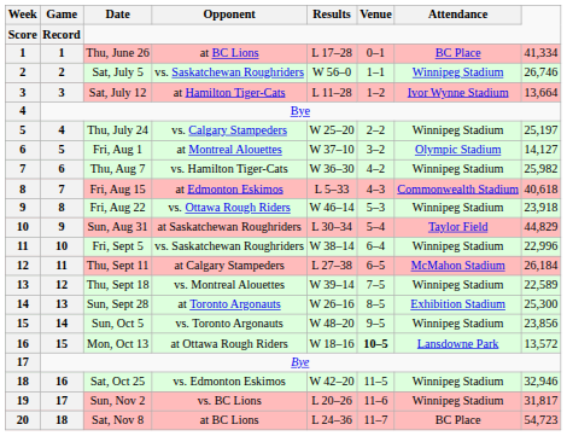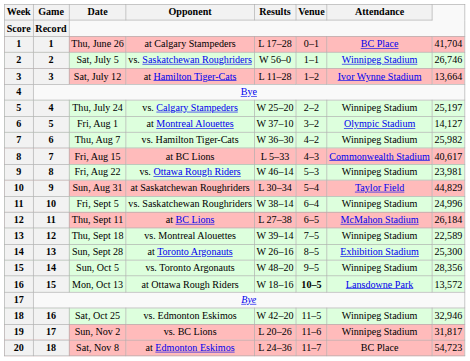 <table class="wikitable" style="text-align:center">
 <tr>
 <th>Week</th>
 <th>Game</th>
 <th>Date</th>
 <th>Opponent</th>
 <th>Results</th>
 <th>Venue</th>
 <th>Attendance</th>
 </tr>
 <tr>
 <th>Score</th>
 <th>Record</th>
 </tr>
 <tr style="background:#ffbbbb">
 <th>1</th>
 <th>1</th>
 <td>Thu, June 26</td>
-<td>at <a href='#'>BC Lions</a></td>
+<td>at Calgary Stampeders</td>
 <td>L 17–28</td>
 <td>0–1</td>
 <td><a href='#'>BC Place</a></td>
-<td>41,334</td>
+<td>41,704</td>
 </tr>
 <tr style="background:#ddffdd">
 <th>2</th>
 <th>2</th>
 <td>Sat, July 5</td>
 <td>vs. <a href='#'>Saskatchewan Roughriders</a></td>
 <td>W 56–0</td>
 <td>1–1</td>
 <td><a href='#'>Winnipeg Stadium</a></td>
 <td>26,746</td>
 </tr>
 <tr style="background:#ffbbbb">
 <th>3</th>
 <th>3</th>
 <td>Sat, July 12</td>
 <td>at <a href='#'>Hamilton Tiger-Cats</a></td>
 <td>L 11–28</td>
 <td>1–2</td>
 <td><a href='#'>Ivor Wynne Stadium</a></td>
 <td>13,664</td>
 </tr>
 <tr>
 <th>4</th>
 <td colspan=7><a href='#'>Bye</a></td>
 </tr>
 <tr style="background:#ddffdd">
 <th>5</th>
 <th>4</th>
 <td>Thu, July 24</td>
 <td>vs. <a href='#'>Calgary Stampeders</a></td>
 <td>W 25–20</td>
 <td>2–2</td>
 <td>Winnipeg Stadium</td>
 <td>25,197</td>
 </tr>
 <tr style="background:#ddffdd">
 <th>6</th>
 <th>5</th>
 <td>Fri, Aug 1</td>
 <td>at <a href='#'>Montreal Alouettes</a></td>
 <td>W 37–10</td>
 <td>3–2</td>
 <td><a href='#'>Olympic Stadium</a></td>
 <td>14,127</td>
 </tr>
 <tr style="background:#ddffdd">
 <th>7</th>
 <th>6</th>
 <td>Thu, Aug 7</td>
 <td>vs. Hamilton Tiger-Cats</td>
 <td>W 36–30</td>
 <td>4–2</td>
 <td>Winnipeg Stadium</td>
 <td>25,982</td>
 </tr>
 <tr style="background:#ffbbbb">
 <th>8</th>
 <th>7</th>
 <td>Fri, Aug 15</td>
-<td>at <a href='#'>Edmonton Eskimos</a></td>
+<td>at BC Lions</td>
 <td>L 5–33</td>
 <td>4–3</td>
 <td><a href='#'>Commonwealth Stadium</a></td>
-<td>40,618</td>
+<td>40,617</td>
 </tr>
 <tr style="background:#ddffdd">
 <th>9</th>
 <th>8</th>
 <td>Fri, Aug 22</td>
 <td>vs. <a href='#'>Ottawa Rough Riders</a></td>
 <td>W 46–14</td>
 <td>5–3</td>
 <td>Winnipeg Stadium</td>
-<td>23,918</td>
+<td>23,981</td>
 </tr>
 <tr style="background:#ffbbbb">
 <th>10</th>
 <th>9</th>
 <td>Sun, Aug 31</td>
 <td>at Saskatchewan Roughriders</td>
 <td>L 30–34</td>
 <td>5–4</td>
 <td><a href='#'>Taylor Field</a></td>
 <td>44,829</td>
 </tr>
 <tr style="background:#ddffdd">
 <th>11</th>
 <th>10</th>
 <td>Fri, Sept 5</td>
 <td>vs. Saskatchewan Roughriders</td>
 <td>W 38–14</td>
 <td>6–4</td>
 <td>Winnipeg Stadium</td>
-<td>22,996</td>
+<td>24,996</td>
 </tr>
 <tr style="background:#ffbbbb">
 <th>12</th>
 <th>11</th>
 <td>Thu, Sept 11</td>
-<td>at Calgary Stampeders</td>
+<td>at <a href='#'>BC Lions</a></td>
 <td>L 27–38</td>
 <td>6–5</td>
 <td><a href='#'>McMahon Stadium</a></td>
 <td>26,184</td>
 </tr>
 <tr style="background:#ddffdd">
 <th>13</th>
 <th>12</th>
 <td>Thu, Sept 18</td>
 <td>vs. Montreal Alouettes</td>
 <td>W 39–14</td>
 <td>7–5</td>
 <td>Winnipeg Stadium</td>
 <td>22,589</td>
 </tr>
 <tr style="background:#ddffdd">
 <th>14</th>
 <th>13</th>
 <td>Sun, Sept 28</td>
 <td>at <a href='#'>Toronto Argonauts</a></td>
 <td>W 26–16</td>
 <td>8–5</td>
 <td><a href='#'>Exhibition Stadium</a></td>
 <td>25,300</td>
 </tr>
 <tr style="background:#ddffdd">
 <th>15</th>
 <th>14</th>
 <td>Sun, Oct 5</td>
 <td>vs. Toronto Argonauts</td>
 <td>W 48–20</td>
 <td>9–5</td>
 <td>Winnipeg Stadium</td>
-<td>23,856</td>
+<td>28,356</td>
 </tr>
 <tr style="background:#ddffdd">
 <th>16</th>
 <th>15</th>
 <td>Mon, Oct 13</td>
 <td>at Ottawa Rough Riders</td>
 <td>W 18–16</td>
 <td><strong>10–5</strong></td>
 <td><a href='#'>Lansdowne Park</a></td>
 <td>13,572</td>
 </tr>
 <tr>
 <th>17</th>
 <td colspan=7><em><a href='#'>Bye</a></em></td>
 </tr>
 <tr style="background:#ddffdd">
 <th>18</th>
 <th>16</th>
 <td>Sat, Oct 25</td>
 <td>vs. Edmonton Eskimos</td>
 <td>W 42–20</td>
 <td>11–5</td>
 <td>Winnipeg Stadium</td>
 <td>32,946</td>
 </tr>
 <tr style="background:#ffbbbb">
 <th>19</th>
 <th>17</th>
 <td>Sun, Nov 2</td>
 <td>vs. BC Lions</td>
 <td>L 20–26</td>
 <td>11–6</td>
 <td>Winnipeg Stadium</td>
 <td>31,817</td>
 </tr>
 <tr style="background:#ffbbbb">
 <th>20</th>
 <th>18</th>
 <td>Sat, Nov 8</td>
-<td>at BC Lions</td>
+<td>at <a href='#'>Edmonton Eskimos</a></td>
 <td>L 24–36</td>
 <td>11–7</td>
 <td>BC Place</td>
 <td>54,723</td>
 </tr>
 </table>
